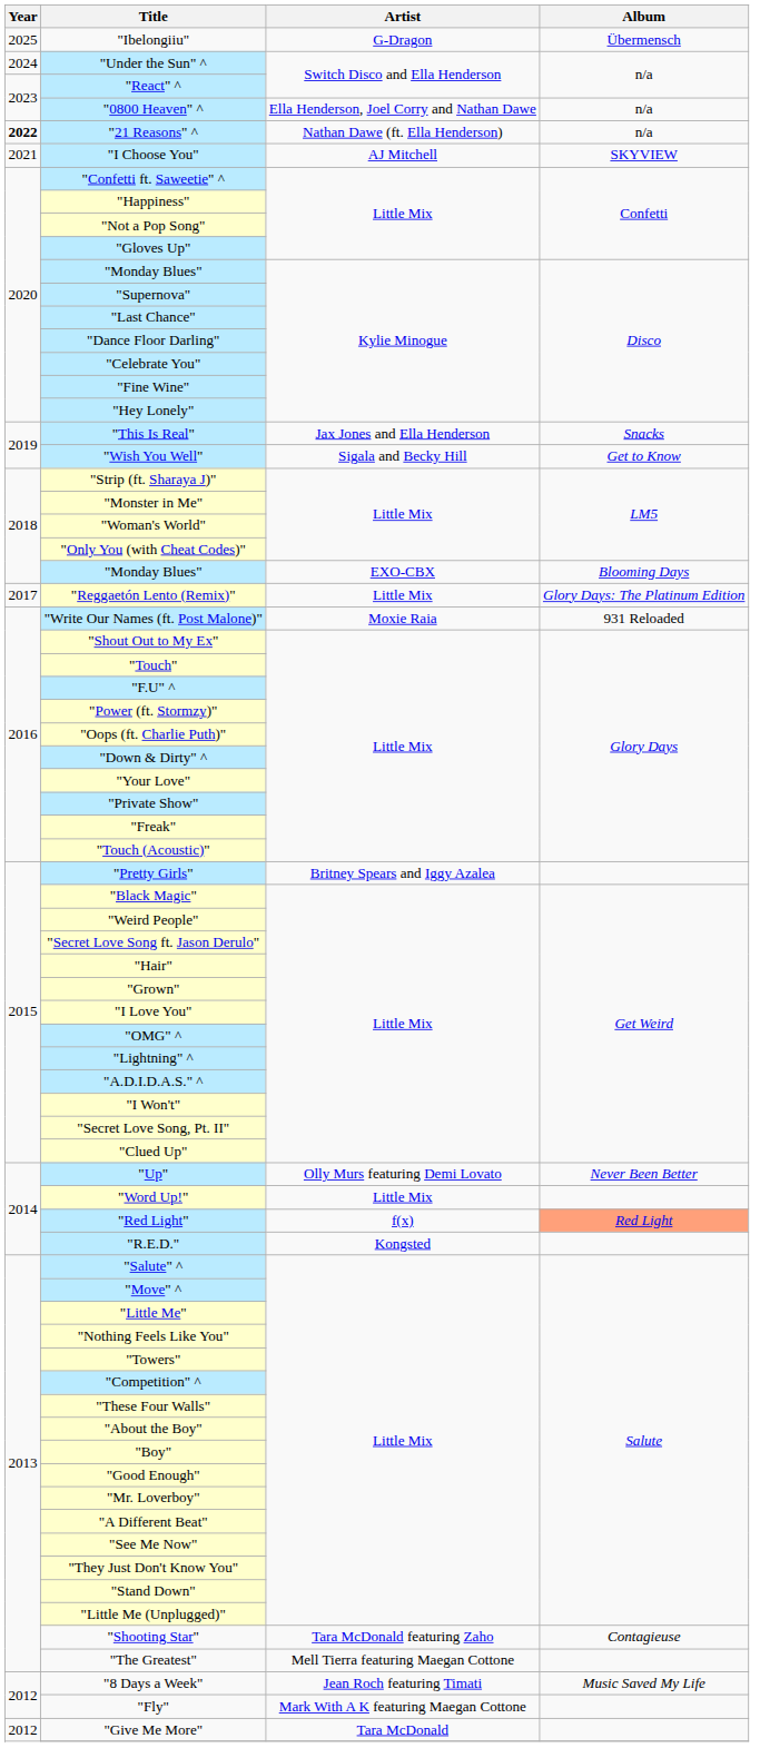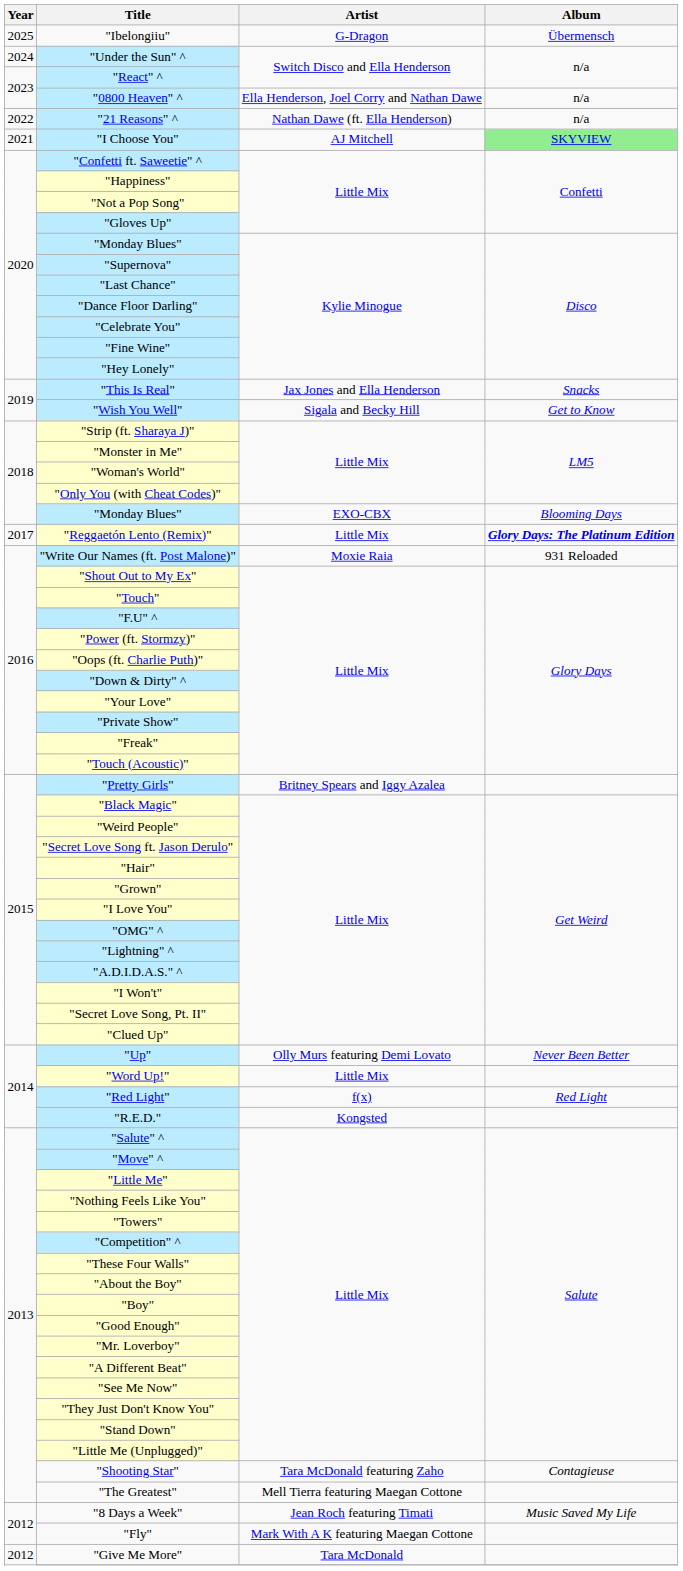 <table class="wikitable plainrowheaders" style="text-align:center;">
 <tr>
 <th scope="col">Year</th>
 <th scope="col">Title</th>
 <th scope="col">Artist</th>
 <th scope="col">Album</th>
 </tr>
 <tr>
 <td>2025</td>
 <td>"Ibelongiiu"</td>
 <td><a href='#'>G-Dragon</a></td>
 <td><a href='#'>Übermensch</a></td>
 </tr>
 <tr>
 <td rowspan="1">2024</td>
 <td style="background:#baebff">"Under the Sun" ^</td>
 <td rowspan="2"><a href='#'>Switch Disco</a> and <a href='#'>Ella Henderson</a></td>
 <td rowspan="2">n/a</td>
 </tr>
 <tr>
 <td rowspan="2">2023</td>
 <td style="background:#baebff">"<a href='#'>React</a>" ^</td>
 </tr>
 <tr>
 <td style="background:#baebff">"<a href='#'>0800 Heaven</a>" ^</td>
 <td rowspan="1"><a href='#'>Ella Henderson</a>, <a href='#'>Joel Corry</a> and <a href='#'>Nathan Dawe</a></td>
 <td rowspan="1">n/a</td>
 </tr>
 <tr>
-<td rowspan="1"><strong>2022</strong></td>
+<td rowspan="1">2022</td>
 <td style="background:#baebff">"<a href='#'>21 Reasons</a>" ^</td>
 <td><a href='#'>Nathan Dawe</a> (ft. <a href='#'>Ella Henderson</a>)</td>
 <td>n/a</td>
 </tr>
 <tr>
 <td rowspan="1">2021</td>
 <td style="background:#baebff">"I Choose You"</td>
 <td><a href='#'>AJ Mitchell</a></td>
-<td><a href='#'>SKYVIEW</a></td>
+<td style="background: lightgreen;"><a href='#'>SKYVIEW</a></td>
 </tr>
 <tr>
 <td rowspan="11">2020</td>
 <td style="background:#baebff">"<a href='#'>Confetti</a> ft. <a href='#'>Saweetie</a>" ^</td>
 <td rowspan="4"><a href='#'>Little Mix</a></td>
 <td rowspan="4"><a href='#'>Confetti</a></td>
 </tr>
 <tr>
 <td style="background:#ffffcc">"Happiness"</td>
 </tr>
 <tr>
 <td style="background:#ffffcc">"Not a Pop Song"</td>
 </tr>
 <tr>
 <td style="background:#baebff">"Gloves Up"</td>
 </tr>
 <tr>
 <td style="background:#baebff">"Monday Blues"</td>
 <td rowspan="7"><a href='#'>Kylie Minogue</a></td>
 <td rowspan="7"><em><a href='#'>Disco</a></em></td>
 </tr>
 <tr>
 <td style="background:#baebff">"Supernova"</td>
 </tr>
 <tr>
 <td style="background:#baebff">"Last Chance"</td>
 </tr>
 <tr>
 <td style="background:#baebff">"Dance Floor Darling"</td>
 </tr>
 <tr>
 <td style="background:#baebff">"Celebrate You"</td>
 </tr>
 <tr>
 <td style="background:#baebff">"Fine Wine"</td>
 </tr>
 <tr>
 <td style="background:#baebff">"Hey Lonely"</td>
 </tr>
 <tr>
 <td rowspan="2">2019</td>
 <td style="background:#baebff">"<a href='#'>This Is Real</a>"</td>
 <td><a href='#'>Jax Jones</a> and <a href='#'>Ella Henderson</a></td>
 <td><em><a href='#'>Snacks</a></em></td>
 </tr>
 <tr>
 <td style="background:#baebff">"<a href='#'>Wish You Well</a>"</td>
 <td><a href='#'>Sigala</a> and <a href='#'>Becky Hill</a></td>
 <td><em><a href='#'>Get to Know</a></em></td>
 </tr>
 <tr>
 <td rowspan="5">2018</td>
 <td style="background:#ffffcc">"Strip (ft. <a href='#'>Sharaya J</a>)"</td>
 <td rowspan="4"><a href='#'>Little Mix</a></td>
 <td rowspan="4"><em><a href='#'>LM5</a></em></td>
 </tr>
 <tr>
 <td style="background:#ffffcc">"Monster in Me"</td>
 </tr>
 <tr>
 <td style="background:#ffffcc">"Woman's World"</td>
 </tr>
 <tr>
 <td style="background:#ffffcc">"<a href='#'>Only You</a> (with <a href='#'>Cheat Codes</a>)"</td>
 </tr>
 <tr>
 <td style="background:#baebff">"Monday Blues"</td>
 <td><a href='#'>EXO-CBX</a></td>
 <td><em><a href='#'>Blooming Days</a></em></td>
 </tr>
 <tr>
 <td rowspan="1">2017</td>
 <td style="background:#ffffcc">"<a href='#'>Reggaetón Lento (Remix)</a>"</td>
 <td rowspan="1"><a href='#'>Little Mix</a></td>
-<td rowspan="1"><em><a href='#'>Glory Days: The Platinum Edition</a></em></td>
+<td rowspan="1"><strong><em><a href='#'>Glory Days: The Platinum Edition</a></em></strong></td>
 </tr>
 <tr>
 <td rowspan="11">2016</td>
 <td style="background:#baebff">"Write Our Names (ft. <a href='#'>Post Malone</a>)"</td>
 <td><a href='#'>Moxie Raia</a></td>
 <td>931 Reloaded</td>
 </tr>
 <tr>
 <td style="background:#ffffcc">"<a href='#'>Shout Out to My Ex</a>"</td>
 <td rowspan="10"><a href='#'>Little Mix</a></td>
 <td rowspan="10"><em><a href='#'>Glory Days</a></em></td>
 </tr>
 <tr>
 <td style="background:#ffffcc">"<a href='#'>Touch</a>"</td>
 </tr>
 <tr>
 <td style="background:#baebff">"F.U" ^</td>
 </tr>
 <tr>
 <td style="background:#ffffcc">"<a href='#'>Power</a> (ft. <a href='#'>Stormzy</a>)"</td>
 </tr>
 <tr>
 <td style="background:#ffffcc">"Oops (ft. <a href='#'>Charlie Puth</a>)"</td>
 </tr>
 <tr>
 <td style="background:#baebff">"Down & Dirty" ^</td>
 </tr>
 <tr>
 <td style="background:#ffffcc">"Your Love"</td>
 </tr>
 <tr>
 <td style="background:#baebff">"Private Show"</td>
 </tr>
 <tr>
 <td style="background:#ffffcc">"Freak"</td>
 </tr>
 <tr>
 <td style="background:#ffffcc">"<a href='#'>Touch (Acoustic)</a>"</td>
 </tr>
 <tr>
 <td rowspan="13">2015</td>
 <td style="background:#baebff">"<a href='#'>Pretty Girls</a>"</td>
 <td><a href='#'>Britney Spears</a> and <a href='#'>Iggy Azalea</a></td>
 <td></td>
 </tr>
 <tr>
 <td style="background:#ffffcc">"<a href='#'>Black Magic</a>"</td>
 <td rowspan="12"><a href='#'>Little Mix</a></td>
 <td rowspan="12"><em><a href='#'>Get Weird</a></em></td>
 </tr>
 <tr>
 <td style="background:#ffffcc">"Weird People"</td>
 </tr>
 <tr>
 <td style="background:#ffffcc">"<a href='#'>Secret Love Song</a> ft. <a href='#'>Jason Derulo</a>"</td>
 </tr>
 <tr>
 <td style="background:#ffffcc">"Hair"</td>
 </tr>
 <tr>
 <td style="background:#ffffcc">"Grown"</td>
 </tr>
 <tr>
 <td style="background:#ffffcc">"I Love You"</td>
 </tr>
 <tr>
 <td style="background:#baebff">"OMG" ^</td>
 </tr>
 <tr>
 <td style="background:#baebff">"Lightning" ^</td>
 </tr>
 <tr>
 <td style="background:#baebff">"A.D.I.D.A.S." ^</td>
 </tr>
 <tr>
 <td style="background:#ffffcc">"I Won't"</td>
 </tr>
 <tr>
 <td style="background:#ffffcc">"Secret Love Song, Pt. II"</td>
 </tr>
 <tr>
 <td style="background:#ffffcc">"Clued Up"</td>
 </tr>
 <tr>
 <td rowspan="4">2014</td>
 <td style="background:#baebff">"<a href='#'>Up</a>"</td>
 <td><a href='#'>Olly Murs</a> featuring <a href='#'>Demi Lovato</a></td>
 <td><em><a href='#'>Never Been Better</a></em></td>
 </tr>
 <tr>
 <td style="background:#ffffcc">"<a href='#'>Word Up!</a>"</td>
 <td rowspan="1"><a href='#'>Little Mix</a></td>
 <td></td>
 </tr>
 <tr>
 <td style="background:#baebff">"<a href='#'>Red Light</a>"</td>
 <td><a href='#'>f(x)</a></td>
-<td style="background: lightsalmon;"><em><a href='#'>Red Light</a></em></td>
+<td><em><a href='#'>Red Light</a></em></td>
 </tr>
 <tr>
 <td style="background:#baebff">"R.E.D."</td>
 <td><a href='#'>Kongsted</a></td>
 <td></td>
 </tr>
 <tr>
 <td rowspan="18">2013</td>
 <td style="background:#baebff">"<a href='#'>Salute</a>" ^</td>
 <td rowspan="16"><a href='#'>Little Mix</a></td>
 <td rowspan="16"><em><a href='#'>Salute</a></em> </td>
 </tr>
 <tr>
 <td style="background:#baebff">"<a href='#'>Move</a>" ^</td>
 </tr>
 <tr>
 <td style="background:#ffffcc">"<a href='#'>Little Me</a>"</td>
 </tr>
 <tr>
 <td style="background:#ffffcc">"Nothing Feels Like You"</td>
 </tr>
 <tr>
 <td style="background:#ffffcc">"Towers"</td>
 </tr>
 <tr>
 <td style="background:#baebff">"Competition" ^</td>
 </tr>
 <tr>
 <td style="background:#ffffcc">"These Four Walls"</td>
 </tr>
 <tr>
 <td style="background:#ffffcc">"About the Boy"</td>
 </tr>
 <tr>
 <td style="background:#ffffcc">"Boy"</td>
 </tr>
 <tr>
 <td style="background:#ffffcc">"Good Enough"</td>
 </tr>
 <tr>
 <td style="background:#ffffcc">"Mr. Loverboy"</td>
 </tr>
 <tr>
 <td style="background:#ffffcc">"A Different Beat"</td>
 </tr>
 <tr>
 <td style="background:#ffffcc">"See Me Now"</td>
 </tr>
 <tr>
 <td style="background:#ffffcc">"They Just Don't Know You"</td>
 </tr>
 <tr>
 <td style="background:#ffffcc">"Stand Down"</td>
 </tr>
 <tr>
 <td style="background:#ffffcc">"Little Me (Unplugged)"</td>
 </tr>
 <tr>
 <td>"<a href='#'>Shooting Star</a>"</td>
 <td><a href='#'>Tara McDonald</a> featuring <a href='#'>Zaho</a></td>
 <td><em>Contagieuse</em></td>
 </tr>
 <tr>
 <td>"The Greatest"</td>
 <td>Mell Tierra featuring Maegan Cottone</td>
 <td></td>
 </tr>
 <tr>
 <td rowspan="2">2012</td>
 <td>"8 Days a Week"</td>
 <td><a href='#'>Jean Roch</a> featuring <a href='#'>Timati</a></td>
 <td><em>Music Saved My Life</em></td>
 </tr>
 <tr>
 <td>"Fly"</td>
 <td><a href='#'>Mark With A K</a> featuring Maegan Cottone</td>
 <td></td>
 </tr>
 <tr>
 <td rowspan="2">2012</td>
 <td>"Give Me More"</td>
 <td><a href='#'>Tara McDonald</a></td>
 <td></td>
 </tr>
 <tr>
 </tr>
 </table>
